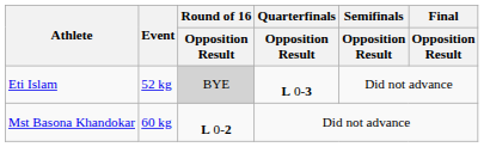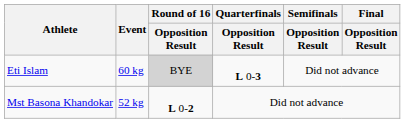 <table class="wikitable" border="1" style="font-size:90%">
 <tr>
 <th rowspan=2>Athlete</th>
 <th rowspan=2>Event</th>
 <th>Round of 16</th>
 <th>Quarterfinals</th>
 <th>Semifinals</th>
 <th>Final</th>
 </tr>
 <tr>
 <th>Opposition<br>Result</th>
 <th>Opposition<br>Result</th>
 <th>Opposition<br>Result</th>
 <th>Opposition<br>Result</th>
 </tr>
 <tr>
 <td><a href='#'>Eti Islam</a></td>
-<td><a href='#'>52 kg</a></td>
+<td><a href='#'>60 kg</a></td>
 <td align=center style="background: lightgrey;">BYE</td>
 <td align=center><br><strong>L</strong> 0-<strong>3</strong></td>
 <td align=center colspan="7">Did not advance</td>
 </tr>
 <tr>
 <td><a href='#'>Mst Basona Khandokar</a></td>
-<td><a href='#'>60 kg</a></td>
+<td><a href='#'>52 kg</a></td>
 <td align=center><br><strong>L</strong> 0-<strong>2</strong></td>
 <td align=center colspan="7">Did not advance</td>
 </tr>
 </table>
